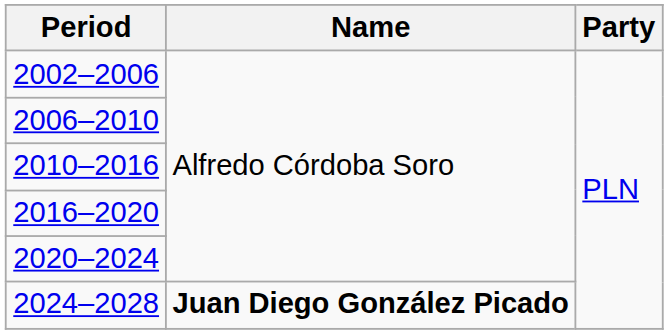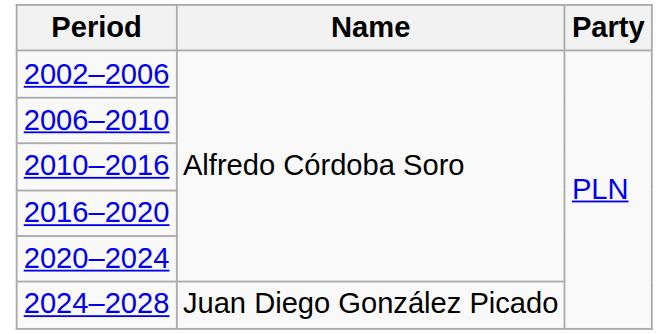 <table class="wikitable" style="margin:auto">
 <tr>
 <th>Period</th>
 <th>Name</th>
 <th>Party</th>
 </tr>
 <tr>
 <td><a href='#'>2002–2006</a></td>
 <td rowspan="5">Alfredo Córdoba Soro</td>
 <td rowspan="6"> <a href='#'>PLN</a></td>
 </tr>
 <tr>
 <td><a href='#'>2006–2010</a></td>
 </tr>
 <tr>
 <td><a href='#'>2010–2016</a></td>
 </tr>
 <tr>
 <td><a href='#'>2016–2020</a></td>
 </tr>
 <tr>
 <td><a href='#'>2020–2024</a></td>
 </tr>
 <tr>
 <td><a href='#'>2024–2028</a></td>
-<td><strong>Juan Diego González Picado</strong></td>
+<td>Juan Diego González Picado</td>
 </tr>
 </table>
